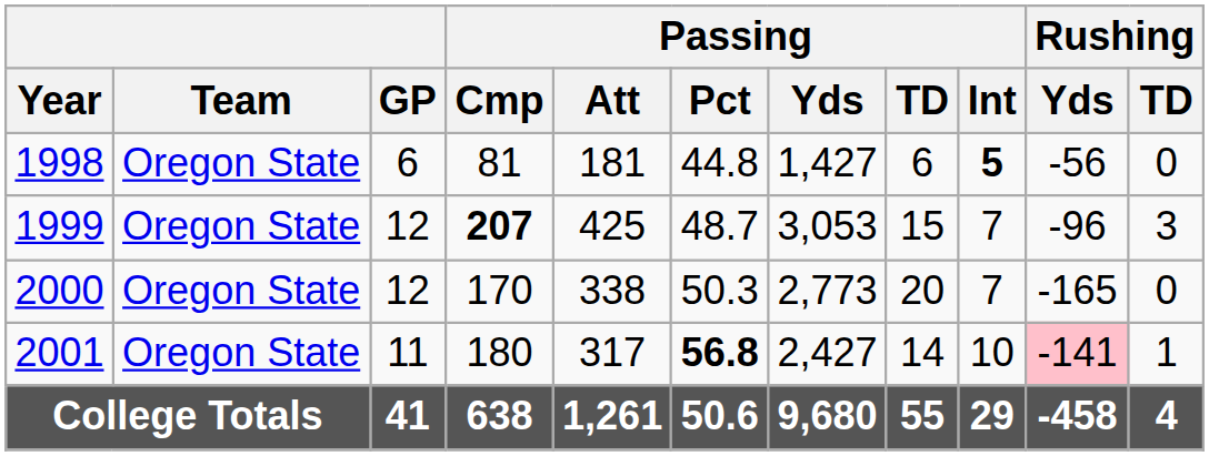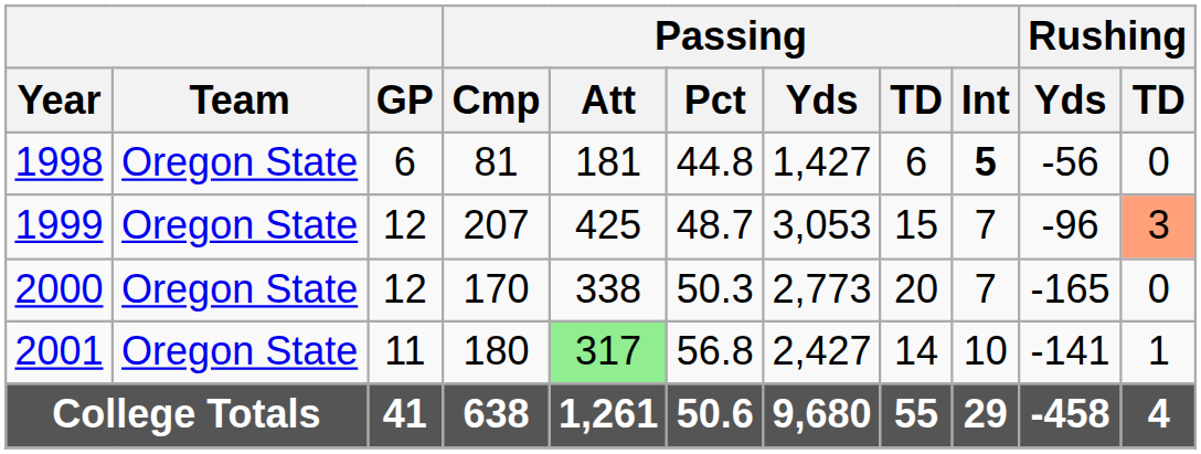 <table class="wikitable" style="text-align:center;">
 <tr>
 <th colspan=3></th>
 <th colspan=6>Passing</th>
 <th colspan=3>Rushing</th>
 </tr>
 <tr>
 <th>Year</th>
 <th>Team</th>
 <th>GP</th>
 <th>Cmp</th>
 <th>Att</th>
 <th>Pct</th>
 <th>Yds</th>
 <th>TD</th>
 <th>Int</th>
 <th>Yds</th>
 <th>TD</th>
 </tr>
 <tr>
 <td><a href='#'>1998</a></td>
 <td><a href='#'>Oregon State</a></td>
 <td>6</td>
 <td>81</td>
 <td>181</td>
 <td>44.8</td>
 <td>1,427</td>
 <td>6</td>
 <td><strong>5</strong></td>
 <td>-56</td>
 <td>0</td>
 </tr>
 <tr>
 <td><a href='#'>1999</a></td>
 <td><a href='#'>Oregon State</a></td>
 <td>12</td>
-<td><strong>207</strong></td>
+<td>207</td>
 <td>425</td>
 <td>48.7</td>
 <td>3,053</td>
 <td>15</td>
 <td>7</td>
 <td>-96</td>
-<td>3</td>
+<td style="background: lightsalmon;">3</td>
 </tr>
 <tr>
 <td><a href='#'>2000</a></td>
 <td><a href='#'>Oregon State</a></td>
 <td>12</td>
 <td>170</td>
 <td>338</td>
 <td>50.3</td>
 <td>2,773</td>
 <td>20</td>
 <td>7</td>
 <td>-165</td>
 <td>0</td>
 </tr>
 <tr>
 <td><a href='#'>2001</a></td>
 <td><a href='#'>Oregon State</a></td>
 <td>11</td>
 <td>180</td>
-<td>317</td>
-<td><strong>56.8</strong></td>
+<td style="background: lightgreen;">317</td>
+<td>56.8</td>
 <td>2,427</td>
 <td>14</td>
 <td>10</td>
-<td style="background: pink;">-141</td>
+<td>-141</td>
 <td>1</td>
 </tr>
 <tr style="background:#555; font-weight:bold; color:white;">
 <td colspan=2>College Totals</td>
 <td>41</td>
 <td>638</td>
 <td>1,261</td>
 <td>50.6</td>
 <td>9,680</td>
 <td>55</td>
 <td>29</td>
 <td>-458</td>
 <td>4</td>
 </tr>
 </table>
